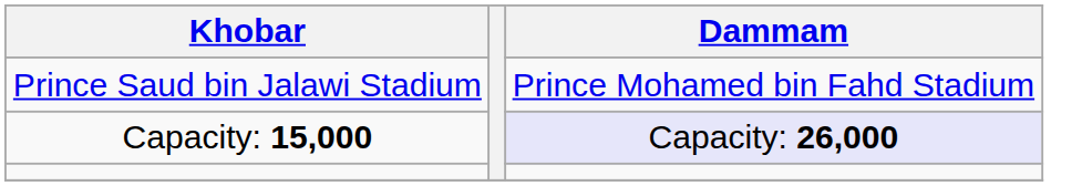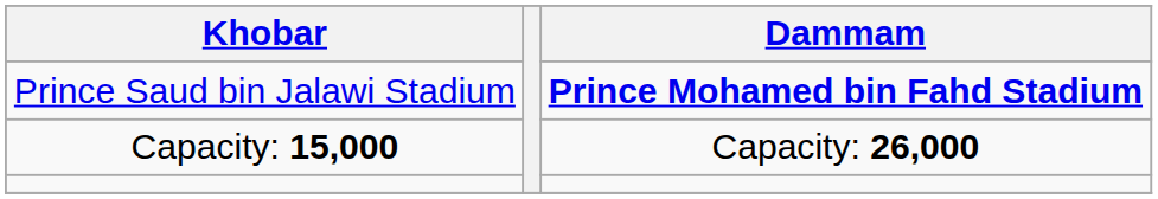 <table class="wikitable" style="text-align:center">
 <tr>
 <th><a href='#'>Khobar</a></th>
 <th rowspan="4"></th>
 <th><a href='#'>Dammam</a></th>
 </tr>
 <tr>
 <td><a href='#'>Prince Saud bin Jalawi Stadium</a></td>
-<td><a href='#'>Prince Mohamed bin Fahd Stadium</a></td>
+<td><strong><a href='#'>Prince Mohamed bin Fahd Stadium</a></strong></td>
 </tr>
 <tr>
 <td>Capacity: <strong>15,000</strong></td>
-<td style="background: lavender;">Capacity: <strong>26,000</strong></td>
+<td>Capacity: <strong>26,000</strong></td>
 </tr>
 <tr>
 <td></td>
 <td></td>
 </tr>
 <tr>
 </tr>
 </table>
